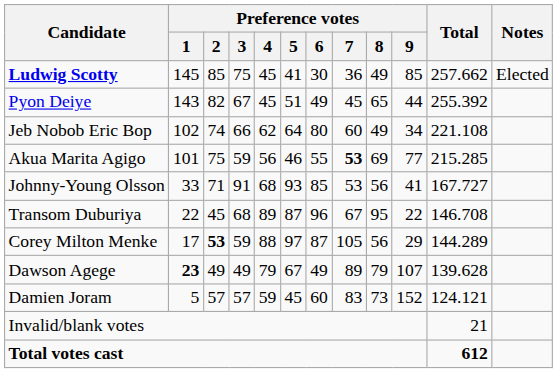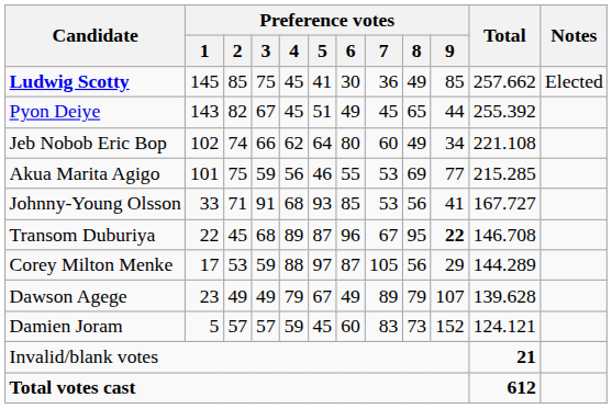 <table class=wikitable style=text-align:right>
 <tr>
 <th rowspan=2>Candidate</th>
 <th colspan=9>Preference votes</th>
 <th rowspan=2>Total</th>
 <th rowspan=2>Notes</th>
 </tr>
 <tr>
 <th>1</th>
 <th>2</th>
 <th>3</th>
 <th>4</th>
 <th>5</th>
 <th>6</th>
 <th>7</th>
 <th>8</th>
 <th>9</th>
 </tr>
 <tr>
 <td align=left><strong><a href='#'>Ludwig Scotty</a></strong></td>
 <td>145</td>
 <td>85</td>
 <td>75</td>
 <td>45</td>
 <td>41</td>
 <td>30</td>
 <td>36</td>
 <td>49</td>
 <td>85</td>
 <td>257.662</td>
 <td align=left>Elected</td>
 </tr>
 <tr>
 <td align=left><a href='#'>Pyon Deiye</a></td>
 <td>143</td>
 <td>82</td>
 <td>67</td>
 <td>45</td>
 <td>51</td>
 <td>49</td>
 <td>45</td>
 <td>65</td>
 <td>44</td>
 <td>255.392</td>
 <td align=left></td>
 </tr>
 <tr>
 <td align=left>Jeb Nobob Eric Bop</td>
 <td>102</td>
 <td>74</td>
 <td>66</td>
 <td>62</td>
 <td>64</td>
 <td>80</td>
 <td>60</td>
 <td>49</td>
 <td>34</td>
 <td>221.108</td>
 <td align=left></td>
 </tr>
 <tr>
 <td align=left>Akua Marita Agigo</td>
 <td>101</td>
 <td>75</td>
 <td>59</td>
 <td>56</td>
 <td>46</td>
 <td>55</td>
-<td><strong>53</strong></td>
+<td>53</td>
 <td>69</td>
 <td>77</td>
 <td>215.285</td>
 <td align=left></td>
 </tr>
 <tr>
 <td align=left>Johnny-Young Olsson</td>
 <td>33</td>
 <td>71</td>
 <td>91</td>
 <td>68</td>
 <td>93</td>
 <td>85</td>
 <td>53</td>
 <td>56</td>
 <td>41</td>
 <td>167.727</td>
 <td align=left></td>
 </tr>
 <tr>
 <td align=left>Transom Duburiya</td>
 <td>22</td>
 <td>45</td>
 <td>68</td>
 <td>89</td>
 <td>87</td>
 <td>96</td>
 <td>67</td>
 <td>95</td>
-<td>22</td>
+<td><strong>22</strong></td>
 <td>146.708</td>
 <td align=left></td>
 </tr>
 <tr>
 <td align=left>Corey Milton Menke</td>
 <td>17</td>
-<td><strong>53</strong></td>
+<td>53</td>
 <td>59</td>
 <td>88</td>
 <td>97</td>
 <td>87</td>
 <td>105</td>
 <td>56</td>
 <td>29</td>
 <td>144.289</td>
 <td align=left></td>
 </tr>
 <tr>
 <td align=left>Dawson Agege</td>
-<td><strong>23</strong></td>
+<td>23</td>
 <td>49</td>
 <td>49</td>
 <td>79</td>
 <td>67</td>
 <td>49</td>
 <td>89</td>
 <td>79</td>
 <td>107</td>
 <td>139.628</td>
 <td align=left></td>
 </tr>
 <tr>
 <td align=left>Damien Joram</td>
 <td>5</td>
 <td>57</td>
 <td>57</td>
 <td>59</td>
 <td>45</td>
 <td>60</td>
 <td>83</td>
 <td>73</td>
 <td>152</td>
 <td>124.121</td>
 <td align=left></td>
 </tr>
 <tr>
 <td align=left colspan=10>Invalid/blank votes</td>
-<td>21</td>
+<td><strong>21</strong></td>
 <td></td>
 </tr>
 <tr>
 <td align=left colspan=10><strong>Total votes cast</strong></td>
 <td><strong>612</strong></td>
 <td></td>
 </tr>
 </table>
